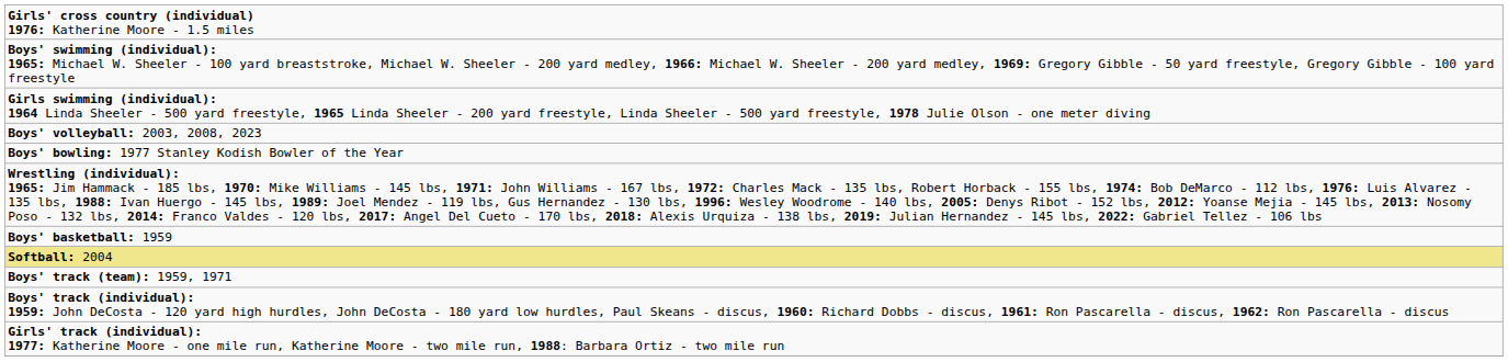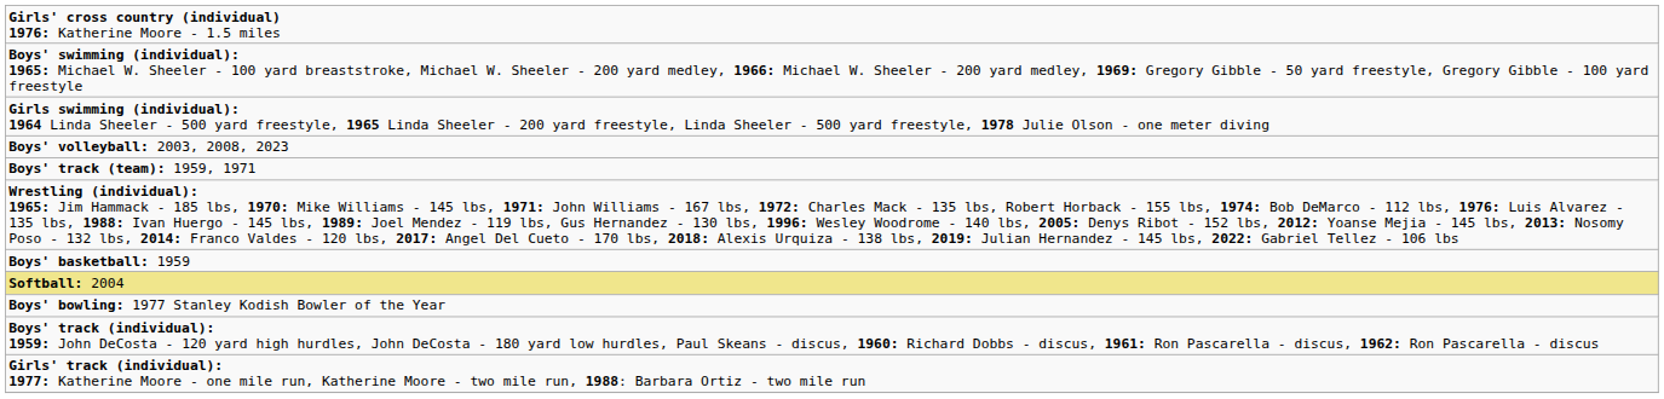 <table class="wikitable">
 <tr>
 <td><strong>Girls' cross country (individual)</strong><br><strong>1976:</strong> Katherine Moore - 1.5 miles</td>
 </tr>
 <tr>
 <td><strong>Boys' swimming (individual):</strong><br><strong>1965:</strong> Michael W. Sheeler - 100 yard breaststroke, Michael W. Sheeler - 200 yard medley,  <strong>1966:</strong> Michael W. Sheeler - 200 yard medley,  <strong>1969:</strong> Gregory Gibble - 50 yard freestyle, Gregory Gibble - 100 yard freestyle</td>
 </tr>
 <tr>
 <td><strong>Girls swimming (individual):</strong><br><strong>1964</strong> Linda Sheeler - 500 yard freestyle, <strong>1965</strong> Linda Sheeler - 200 yard freestyle, Linda Sheeler - 500 yard freestyle, <strong>1978</strong> Julie Olson - one meter diving</td>
 </tr>
 <tr>
 <td><strong>Boys' volleyball:</strong> 2003, 2008, 2023</td>
 </tr>
 <tr>
-<td><strong>Boys' bowling:</strong> 1977 Stanley Kodish Bowler of the Year</td>
+<td><strong>Boys' track (team):</strong> 1959, 1971</td>
 </tr>
 <tr>
 <td><strong>Wrestling (individual):</strong><br><strong>1965:</strong> Jim Hammack - 185 lbs, <strong>1970:</strong> Mike Williams - 145 lbs, <strong>1971:</strong> John Williams - 167 lbs, <strong>1972:</strong> Charles Mack - 135 lbs, Robert Horback - 155 lbs, <strong>1974:</strong> Bob DeMarco - 112 lbs, <strong>1976:</strong> Luis Alvarez - 135 lbs, <strong>1988:</strong> Ivan Huergo - 145 lbs, <strong>1989:</strong> Joel Mendez - 119 lbs, Gus Hernandez - 130 lbs,  <strong>1996:</strong> Wesley Woodrome - 140 lbs, <strong>2005:</strong> Denys Ribot - 152 lbs, <strong>2012:</strong> Yoanse Mejia - 145 lbs, <strong>2013:</strong> Nosomy Poso - 132 lbs, <strong>2014:</strong> Franco Valdes - 120 lbs, <strong>2017:</strong> Angel Del Cueto - 170 lbs, <strong>2018:</strong> Alexis Urquiza - 138 lbs, <strong>2019:</strong> Julian Hernandez - 145 lbs, <strong>2022:</strong> Gabriel Tellez - 106 lbs</td>
 </tr>
 <tr>
 <td><strong>Boys' basketball:</strong> 1959</td>
 </tr>
 <tr>
 <td style="background: khaki;"><strong>Softball:</strong> 2004</td>
 </tr>
 <tr>
-<td><strong>Boys' track (team):</strong> 1959, 1971</td>
+<td><strong>Boys' bowling:</strong> 1977 Stanley Kodish Bowler of the Year</td>
 </tr>
 <tr>
 <td><strong>Boys' track (individual):</strong><br><strong>1959:</strong> John DeCosta - 120 yard high hurdles, John DeCosta - 180 yard low hurdles, Paul Skeans - discus,  <strong>1960:</strong> Richard Dobbs - discus,  <strong>1961:</strong> Ron Pascarella - discus, <strong>1962:</strong> Ron Pascarella - discus</td>
 </tr>
 <tr>
 <td><strong>Girls' track (individual):</strong><br><strong>1977:</strong> Katherine Moore - one mile run, Katherine Moore - two mile run, <strong>1988</strong>: Barbara Ortiz - two mile run</td>
 </tr>
 <tr>
 </tr>
 </table>
